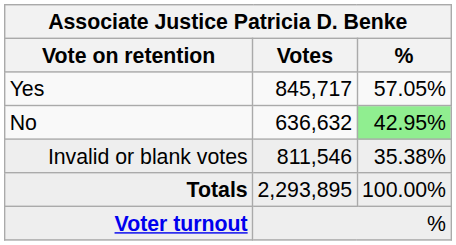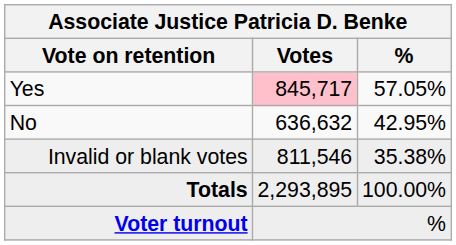 <table class="wikitable" style="font-size: 95%;">
 <tr style="background-color:#E9E9E9">
 <th colspan=7>Associate Justice Patricia D. Benke</th>
 </tr>
 <tr style="background-color:#E9E9E9">
 <th style="width: 170px">Vote on retention</th>
 <th style="width: 50px">Votes</th>
 <th style="width: 40px">%</th>
 </tr>
 <tr>
 <td>Yes</td>
-<td align="right">845,717</td>
+<td align="right" style="background: pink;">845,717</td>
 <td align="right">57.05%</td>
 </tr>
 <tr>
 <td>No</td>
 <td align="right">636,632</td>
-<td align="right" style="background: lightgreen;">42.95%</td>
+<td align="right">42.95%</td>
 </tr>
 <tr style="background-color:#EEEEEE">
 <td align="right">Invalid or blank votes</td>
 <td align="right">811,546</td>
 <td align="right">35.38%</td>
 </tr>
 <tr style="background-color:#EEEEEE">
 <td colspan="1" align="right"><strong>Totals</strong></td>
 <td align="right">2,293,895</td>
 <td align="right">100.00%</td>
 </tr>
 <tr style="background-color:#EEEEEE">
 <td align="right"><strong><a href='#'>Voter turnout</a></strong></td>
 <td colspan="2" align="right">%</td>
 </tr>
 </table>
